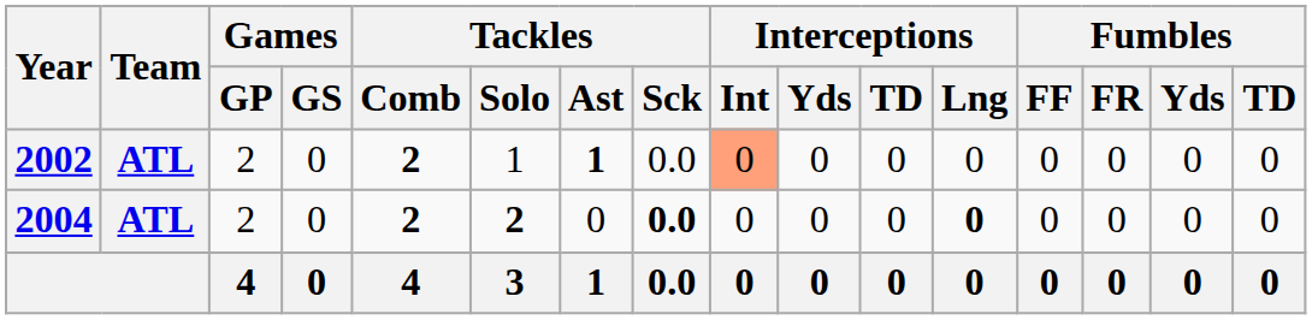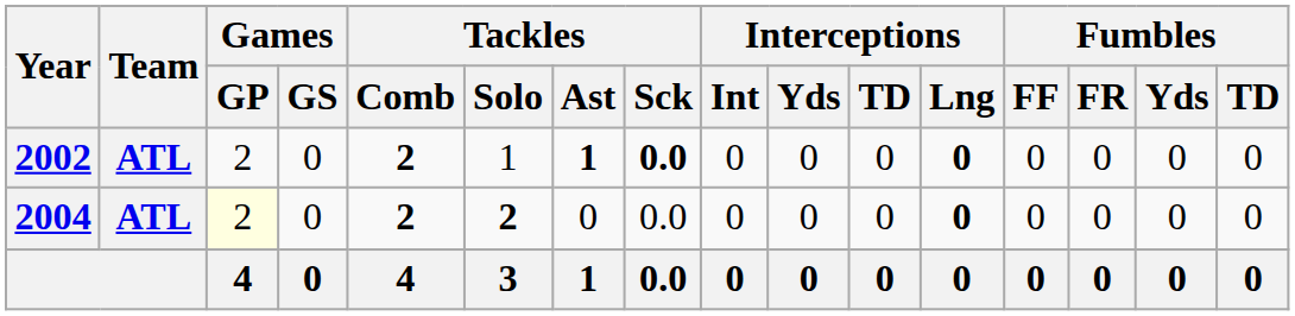 <table class="wikitable" style="text-align:center">
 <tr>
 <th rowspan="2">Year</th>
 <th rowspan="2">Team</th>
 <th colspan="2">Games</th>
 <th colspan="4">Tackles</th>
 <th colspan="4">Interceptions</th>
 <th colspan="4">Fumbles</th>
 </tr>
 <tr>
 <th>GP</th>
 <th>GS</th>
 <th>Comb</th>
 <th>Solo</th>
 <th>Ast</th>
 <th>Sck</th>
 <th>Int</th>
 <th>Yds</th>
 <th>TD</th>
 <th>Lng</th>
 <th>FF</th>
 <th>FR</th>
 <th>Yds</th>
 <th>TD</th>
 </tr>
 <tr>
 <th><a href='#'>2002</a></th>
 <th><a href='#'>ATL</a></th>
 <td>2</td>
 <td>0</td>
 <td><strong>2</strong></td>
 <td>1</td>
 <td><strong>1</strong></td>
-<td>0.0</td>
-<td style="background: lightsalmon;">0</td>
+<td><strong>0.0</strong></td>
 <td>0</td>
 <td>0</td>
 <td>0</td>
+<td><strong>0</strong></td>
 <td>0</td>
 <td>0</td>
 <td>0</td>
 <td>0</td>
 </tr>
 <tr>
 <th><a href='#'>2004</a></th>
 <th><a href='#'>ATL</a></th>
-<td>2</td>
+<td style="background: lightyellow;">2</td>
 <td>0</td>
 <td><strong>2</strong></td>
 <td><strong>2</strong></td>
 <td>0</td>
-<td><strong>0.0</strong></td>
+<td>0.0</td>
 <td>0</td>
 <td>0</td>
 <td>0</td>
 <td><strong>0</strong></td>
 <td>0</td>
 <td>0</td>
 <td>0</td>
 <td>0</td>
 </tr>
 <tr>
 <th colspan="2"></th>
 <th>4</th>
 <th>0</th>
 <th>4</th>
 <th>3</th>
 <th>1</th>
 <th>0.0</th>
 <th>0</th>
 <th>0</th>
 <th>0</th>
 <th>0</th>
 <th>0</th>
 <th>0</th>
 <th>0</th>
 <th>0</th>
 </tr>
 </table>
